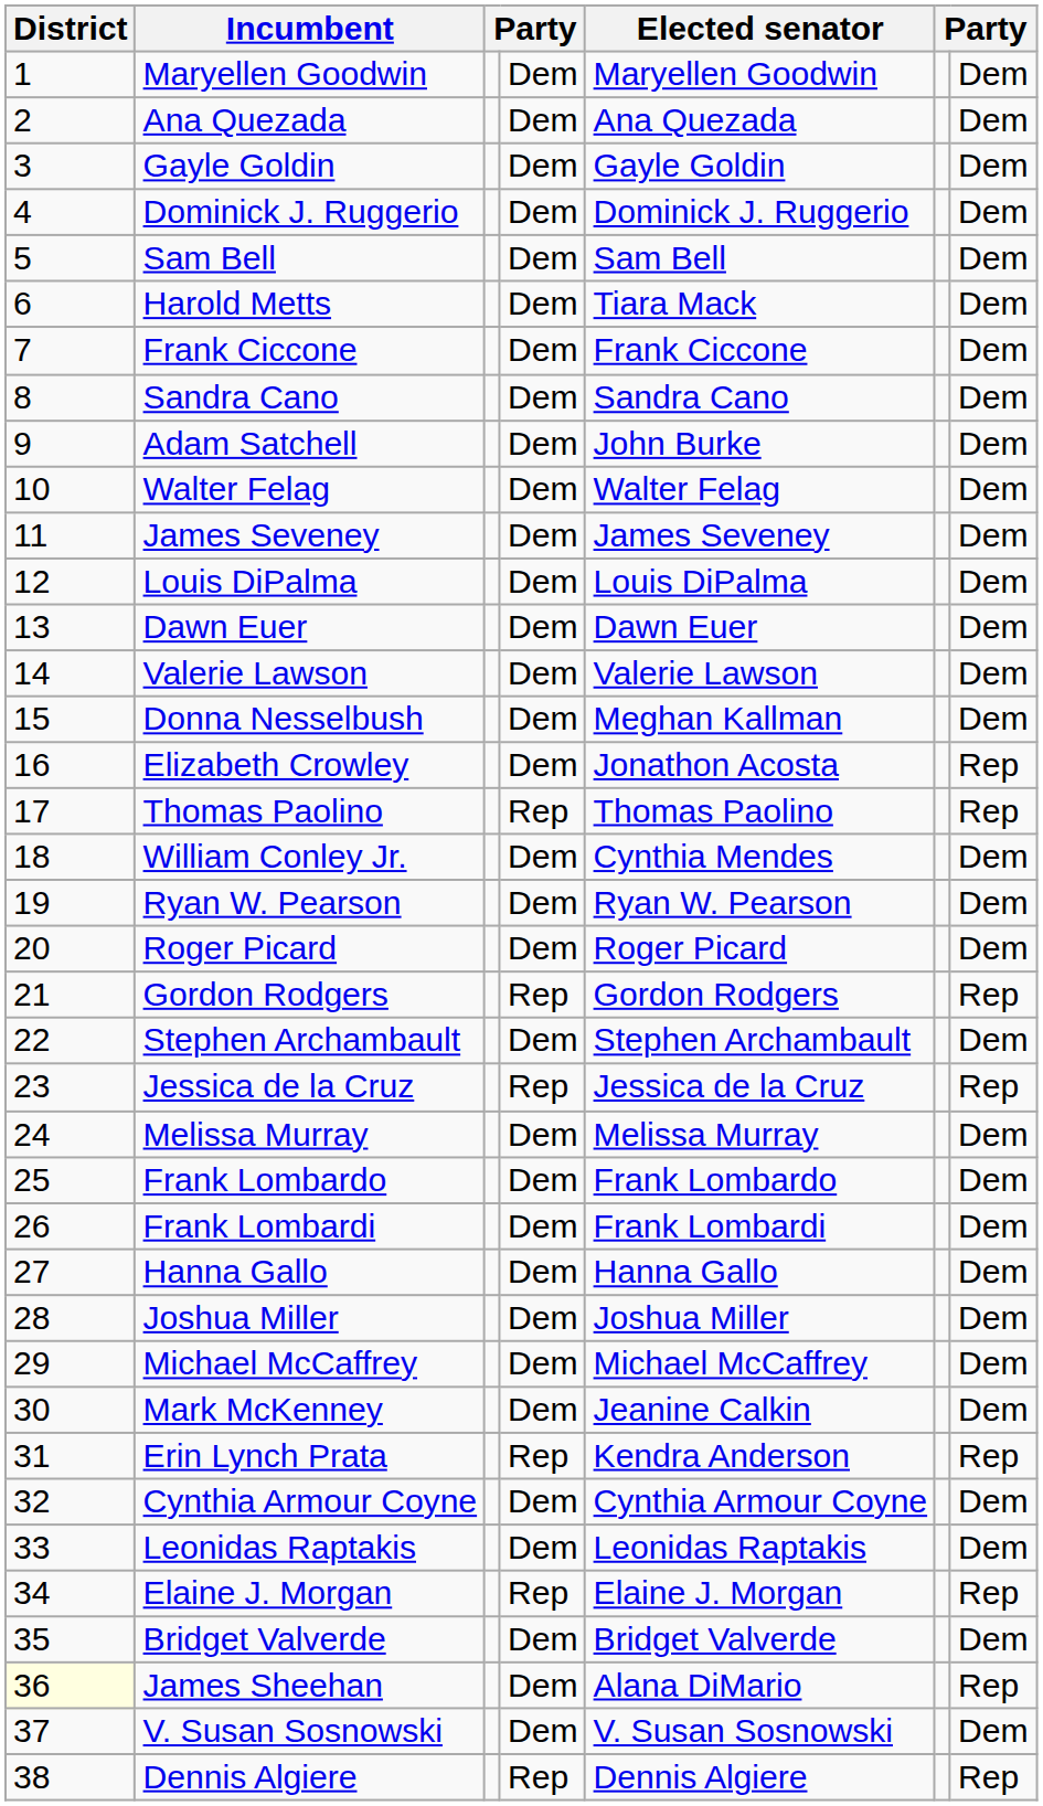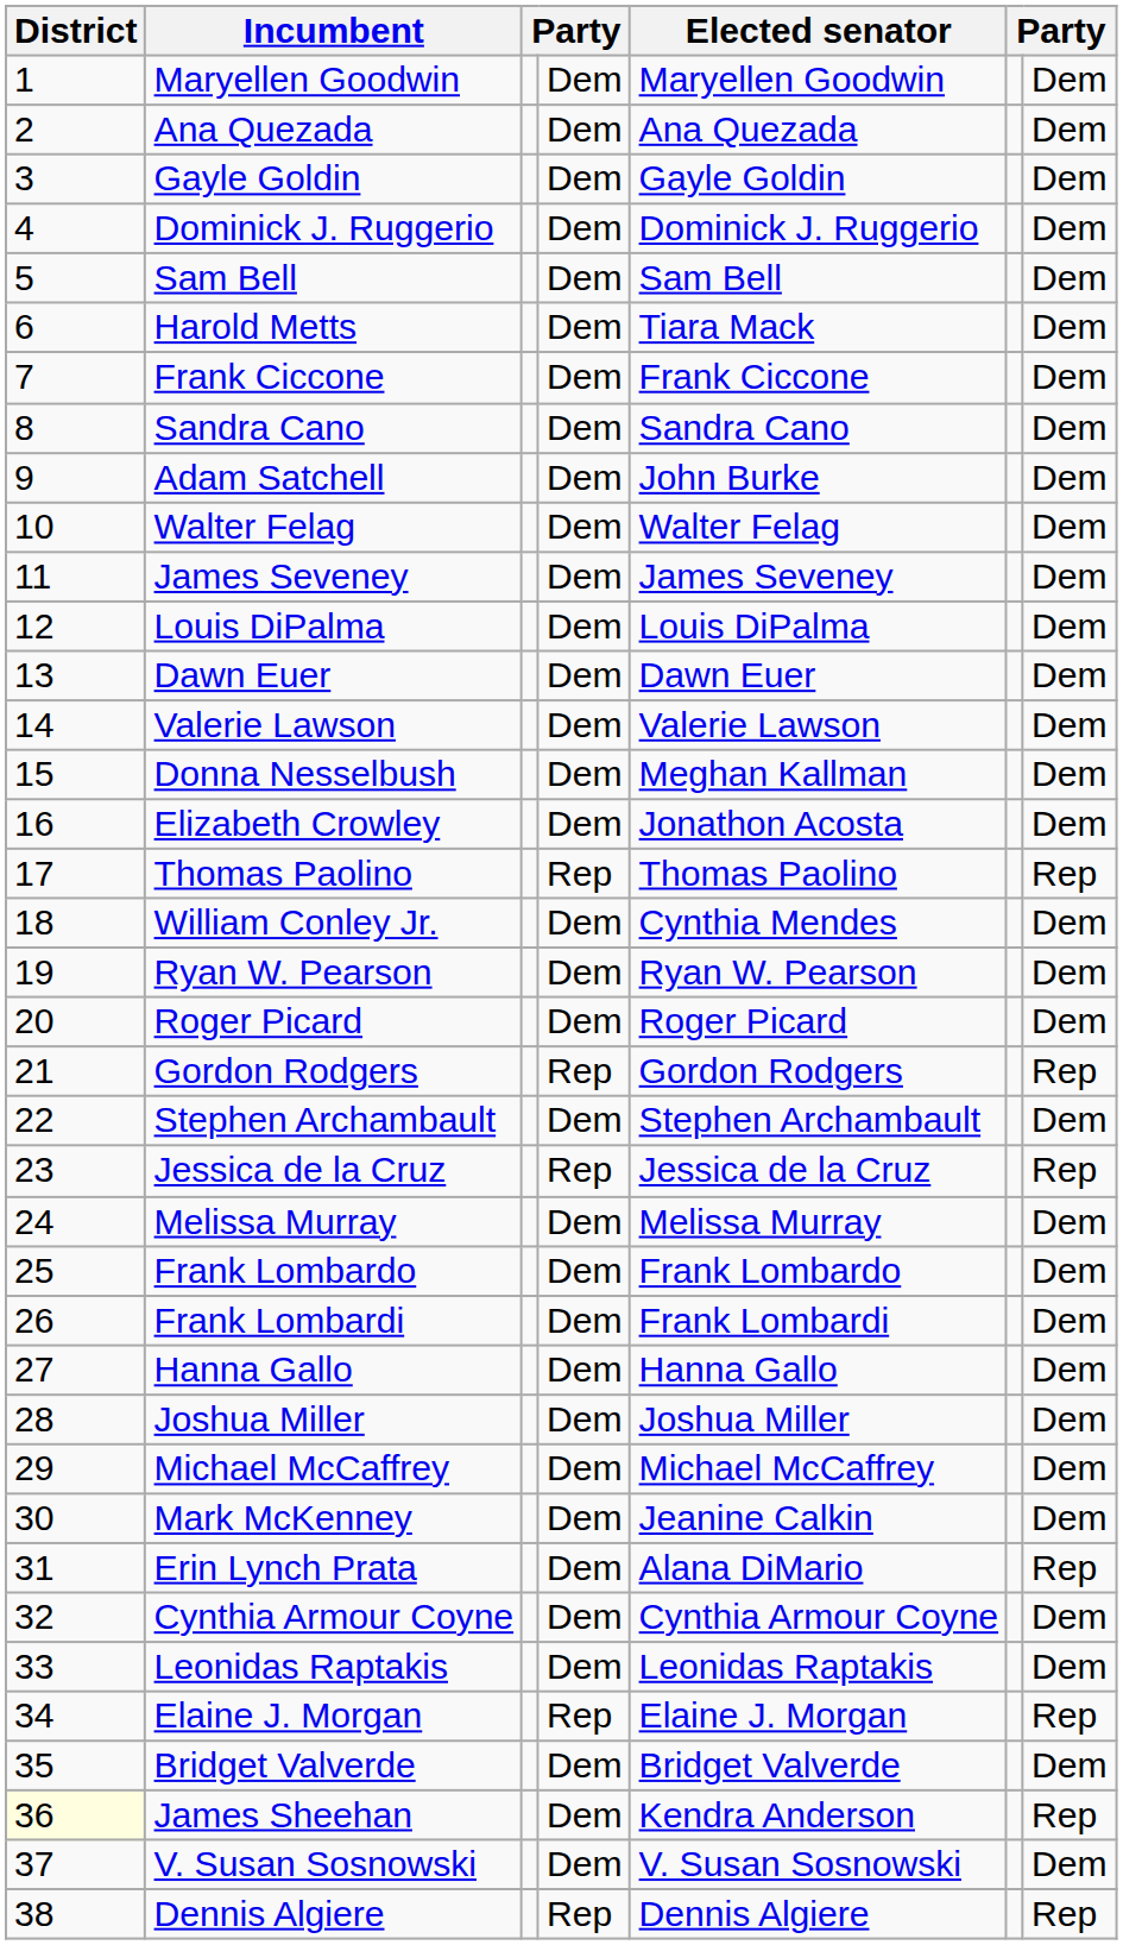 <table class=wikitable style="font-size:95%;line-height:14px;">
 <tr>
 <th>District</th>
 <th><a href='#'>Incumbent</a></th>
 <th colspan=2>Party</th>
 <th class="unsortable">Elected senator</th>
 <th colspan=2>Party</th>
 </tr>
 <tr>
 <td>1</td>
 <td><a href='#'>Maryellen Goodwin</a></td>
 <td style="background:"></td>
 <td>Dem</td>
 <td><a href='#'>Maryellen Goodwin</a></td>
 <td style="background:"></td>
 <td>Dem</td>
 </tr>
 <tr>
 <td>2</td>
 <td><a href='#'>Ana Quezada</a></td>
 <td style="background:"></td>
 <td>Dem</td>
 <td><a href='#'>Ana Quezada</a></td>
 <td style="background:"></td>
 <td>Dem</td>
 </tr>
 <tr>
 <td>3</td>
 <td><a href='#'>Gayle Goldin</a></td>
 <td style="background:"></td>
 <td>Dem</td>
 <td><a href='#'>Gayle Goldin</a></td>
 <td style="background:"></td>
 <td>Dem</td>
 </tr>
 <tr>
 <td>4</td>
 <td><a href='#'>Dominick J. Ruggerio</a></td>
 <td style="background:"></td>
 <td>Dem</td>
 <td><a href='#'>Dominick J. Ruggerio</a></td>
 <td style="background:"></td>
 <td>Dem</td>
 </tr>
 <tr>
 <td>5</td>
 <td><a href='#'>Sam Bell</a></td>
 <td style="background:"></td>
 <td>Dem</td>
 <td><a href='#'>Sam Bell</a></td>
 <td style="background:"></td>
 <td>Dem</td>
 </tr>
 <tr>
 <td>6</td>
 <td><a href='#'>Harold Metts</a></td>
 <td style="background:"></td>
 <td>Dem</td>
 <td><a href='#'>Tiara Mack</a></td>
 <td style="background:"></td>
 <td>Dem</td>
 </tr>
 <tr>
 <td>7</td>
 <td><a href='#'>Frank Ciccone</a></td>
 <td style="background:"></td>
 <td>Dem</td>
 <td><a href='#'>Frank Ciccone</a></td>
 <td style="background:"></td>
 <td>Dem</td>
 </tr>
 <tr>
 <td>8</td>
 <td><a href='#'>Sandra Cano</a></td>
 <td style="background:"></td>
 <td>Dem</td>
 <td><a href='#'>Sandra Cano</a></td>
 <td style="background:"></td>
 <td>Dem</td>
 </tr>
 <tr>
 <td>9</td>
 <td><a href='#'>Adam Satchell</a></td>
 <td style="background:"></td>
 <td>Dem</td>
 <td><a href='#'>John Burke</a></td>
 <td style="background:"></td>
 <td>Dem</td>
 </tr>
 <tr>
 <td>10</td>
 <td><a href='#'>Walter Felag</a></td>
 <td style="background:"></td>
 <td>Dem</td>
 <td><a href='#'>Walter Felag</a></td>
 <td style="background:"></td>
 <td>Dem</td>
 </tr>
 <tr>
 <td>11</td>
 <td><a href='#'>James Seveney</a></td>
 <td style="background:"></td>
 <td>Dem</td>
 <td><a href='#'>James Seveney</a></td>
 <td style="background:"></td>
 <td>Dem</td>
 </tr>
 <tr>
 <td>12</td>
 <td><a href='#'>Louis DiPalma</a></td>
 <td style="background:"></td>
 <td>Dem</td>
 <td><a href='#'>Louis DiPalma</a></td>
 <td style="background:"></td>
 <td>Dem</td>
 </tr>
 <tr>
 <td>13</td>
 <td><a href='#'>Dawn Euer</a></td>
 <td style="background:"></td>
 <td>Dem</td>
 <td><a href='#'>Dawn Euer</a></td>
 <td style="background:"></td>
 <td>Dem</td>
 </tr>
 <tr>
 <td>14</td>
 <td><a href='#'>Valerie Lawson</a></td>
 <td style="background:"></td>
 <td>Dem</td>
 <td><a href='#'>Valerie Lawson</a></td>
 <td style="background:"></td>
 <td>Dem</td>
 </tr>
 <tr>
 <td>15</td>
 <td><a href='#'>Donna Nesselbush</a></td>
 <td style="background:"></td>
 <td>Dem</td>
 <td><a href='#'>Meghan Kallman</a></td>
 <td style="background:"></td>
 <td>Dem</td>
 </tr>
 <tr>
 <td>16</td>
 <td><a href='#'>Elizabeth Crowley</a></td>
 <td style="background:"></td>
 <td>Dem</td>
 <td><a href='#'>Jonathon Acosta</a></td>
 <td style="background:"></td>
-<td>Rep</td>
+<td>Dem</td>
 </tr>
 <tr>
 <td>17</td>
 <td><a href='#'>Thomas Paolino</a></td>
 <td style="background:"></td>
 <td>Rep</td>
 <td><a href='#'>Thomas Paolino</a></td>
 <td style="background:"></td>
 <td>Rep</td>
 </tr>
 <tr>
 <td>18</td>
 <td><a href='#'>William Conley Jr.</a></td>
 <td style="background:"></td>
 <td>Dem</td>
 <td><a href='#'>Cynthia Mendes</a></td>
 <td style="background:"></td>
 <td>Dem</td>
 </tr>
 <tr>
 <td>19</td>
 <td><a href='#'>Ryan W. Pearson</a></td>
 <td style="background:"></td>
 <td>Dem</td>
 <td><a href='#'>Ryan W. Pearson</a></td>
 <td style="background:"></td>
 <td>Dem</td>
 </tr>
 <tr>
 <td>20</td>
 <td><a href='#'>Roger Picard</a></td>
 <td style="background:"></td>
 <td>Dem</td>
 <td><a href='#'>Roger Picard</a></td>
 <td style="background:"></td>
 <td>Dem</td>
 </tr>
 <tr>
 <td>21</td>
 <td><a href='#'>Gordon Rodgers</a></td>
 <td style="background:"></td>
 <td>Rep</td>
 <td><a href='#'>Gordon Rodgers</a></td>
 <td style="background:"></td>
 <td>Rep</td>
 </tr>
 <tr>
 <td>22</td>
 <td><a href='#'>Stephen Archambault</a></td>
 <td style="background:"></td>
 <td>Dem</td>
 <td><a href='#'>Stephen Archambault</a></td>
 <td style="background:"></td>
 <td>Dem</td>
 </tr>
 <tr>
 <td>23</td>
 <td><a href='#'>Jessica de la Cruz</a></td>
 <td style="background:"></td>
 <td>Rep</td>
 <td><a href='#'>Jessica de la Cruz</a></td>
 <td style="background:"></td>
 <td>Rep</td>
 </tr>
 <tr>
 <td>24</td>
 <td><a href='#'>Melissa Murray</a></td>
 <td style="background:"></td>
 <td>Dem</td>
 <td><a href='#'>Melissa Murray</a></td>
 <td style="background:"></td>
 <td>Dem</td>
 </tr>
 <tr>
 <td>25</td>
 <td><a href='#'>Frank Lombardo</a></td>
 <td style="background:"></td>
 <td>Dem</td>
 <td><a href='#'>Frank Lombardo</a></td>
 <td style="background:"></td>
 <td>Dem</td>
 </tr>
 <tr>
 <td>26</td>
 <td><a href='#'>Frank Lombardi</a></td>
 <td style="background:"></td>
 <td>Dem</td>
 <td><a href='#'>Frank Lombardi</a></td>
 <td style="background:"></td>
 <td>Dem</td>
 </tr>
 <tr>
 <td>27</td>
 <td><a href='#'>Hanna Gallo</a></td>
 <td style="background:"></td>
 <td>Dem</td>
 <td><a href='#'>Hanna Gallo</a></td>
 <td style="background:"></td>
 <td>Dem</td>
 </tr>
 <tr>
 <td>28</td>
 <td><a href='#'>Joshua Miller</a></td>
 <td style="background:"></td>
 <td>Dem</td>
 <td><a href='#'>Joshua Miller</a></td>
 <td style="background:"></td>
 <td>Dem</td>
 </tr>
 <tr>
 <td>29</td>
 <td><a href='#'>Michael McCaffrey</a></td>
 <td style="background:"></td>
 <td>Dem</td>
 <td><a href='#'>Michael McCaffrey</a></td>
 <td style="background:"></td>
 <td>Dem</td>
 </tr>
 <tr>
 <td>30</td>
 <td><a href='#'>Mark McKenney</a></td>
 <td style="background:"></td>
 <td>Dem</td>
 <td><a href='#'>Jeanine Calkin</a></td>
 <td style="background:"></td>
 <td>Dem</td>
 </tr>
 <tr>
 <td>31</td>
 <td><a href='#'>Erin Lynch Prata</a></td>
 <td style="background:"></td>
-<td>Rep</td>
-<td><a href='#'>Kendra Anderson</a></td>
+<td>Dem</td>
+<td><a href='#'>Alana DiMario</a></td>
 <td style="background:"></td>
 <td>Rep</td>
 </tr>
 <tr>
 <td>32</td>
 <td><a href='#'>Cynthia Armour Coyne</a></td>
 <td style="background:"></td>
 <td>Dem</td>
 <td><a href='#'>Cynthia Armour Coyne</a></td>
 <td style="background:"></td>
 <td>Dem</td>
 </tr>
 <tr>
 <td>33</td>
 <td><a href='#'>Leonidas Raptakis</a></td>
 <td style="background:"></td>
 <td>Dem</td>
 <td><a href='#'>Leonidas Raptakis</a></td>
 <td style="background:"></td>
 <td>Dem</td>
 </tr>
 <tr>
 <td>34</td>
 <td><a href='#'>Elaine J. Morgan</a></td>
 <td style="background:"></td>
 <td>Rep</td>
 <td><a href='#'>Elaine J. Morgan</a></td>
 <td style="background:"></td>
 <td>Rep</td>
 </tr>
 <tr>
 <td>35</td>
 <td><a href='#'>Bridget Valverde</a></td>
 <td style="background:"></td>
 <td>Dem</td>
 <td><a href='#'>Bridget Valverde</a></td>
 <td style="background:"></td>
 <td>Dem</td>
 </tr>
 <tr>
 <td style="background: lightyellow;">36</td>
 <td><a href='#'>James Sheehan</a></td>
 <td style="background:"></td>
 <td>Dem</td>
-<td><a href='#'>Alana DiMario</a></td>
+<td><a href='#'>Kendra Anderson</a></td>
 <td style="background:"></td>
 <td>Rep</td>
 </tr>
 <tr>
 <td>37</td>
 <td><a href='#'>V. Susan Sosnowski</a></td>
 <td style="background:"></td>
 <td>Dem</td>
 <td><a href='#'>V. Susan Sosnowski</a></td>
 <td style="background:"></td>
 <td>Dem</td>
 </tr>
 <tr>
 <td>38</td>
 <td><a href='#'>Dennis Algiere</a></td>
 <td style="background:"></td>
 <td>Rep</td>
 <td><a href='#'>Dennis Algiere</a></td>
 <td style="background:"></td>
 <td>Rep</td>
 </tr>
 </table>
